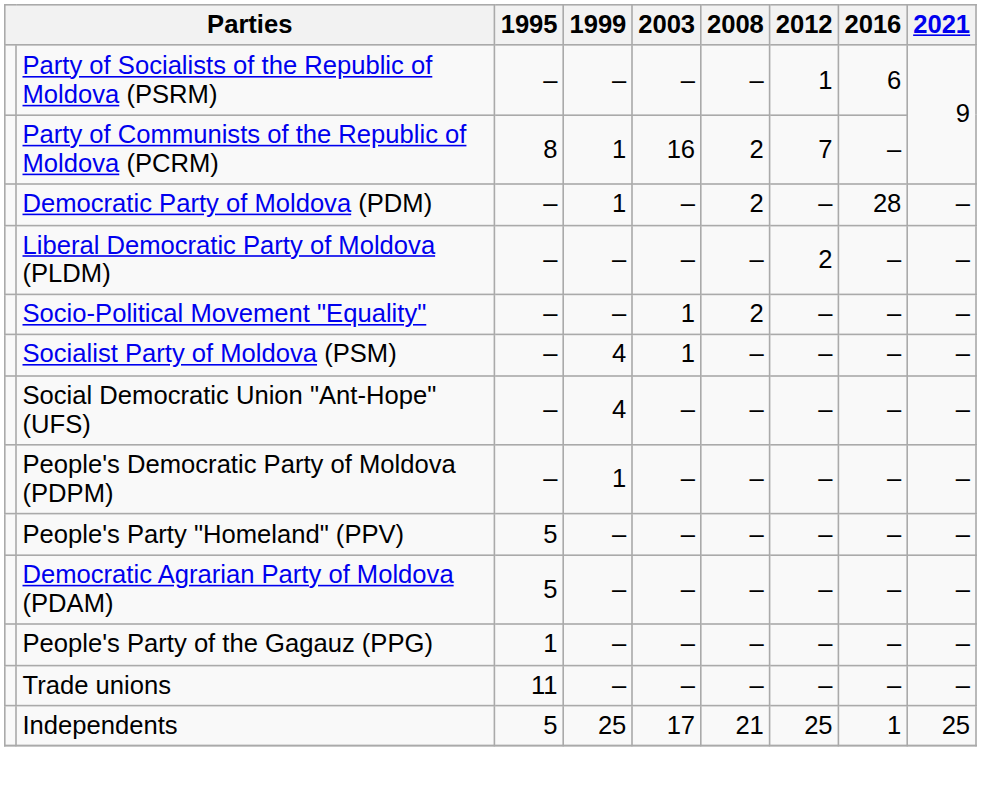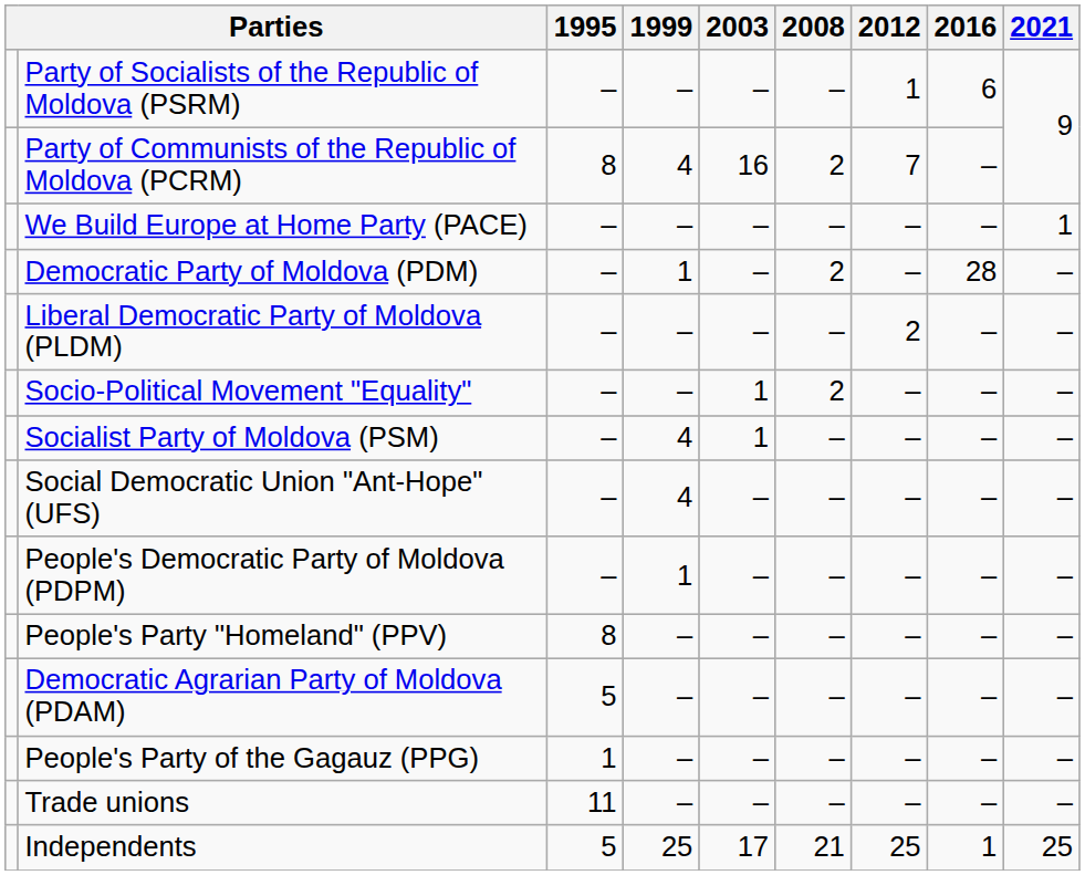 <table class="wikitable">
 <tr>
 <th colspan="2"><strong>Parties</strong></th>
 <th>1995</th>
 <th>1999</th>
 <th>2003</th>
 <th>2008</th>
 <th>2012</th>
 <th>2016</th>
 <th><a href='#'>2021</a></th>
 </tr>
 <tr>
 <td style="background:"></td>
 <td><a href='#'>Party of Socialists of the Republic of Moldova</a> (PSRM)</td>
 <td align="right">–</td>
 <td align="right">–</td>
 <td align="right">–</td>
 <td align="right">–</td>
 <td align="right">1</td>
 <td align="right">6</td>
 <td align="right" rowspan="2">9</td>
 </tr>
 <tr>
 <td style="background:"></td>
 <td><a href='#'>Party of Communists of the Republic of Moldova</a> (PCRM)</td>
 <td align="right">8</td>
-<td align="right">1</td>
+<td align="right">4</td>
 <td align="right">16</td>
 <td align="right">2</td>
 <td align="right">7</td>
 <td align="right">–</td>
+</tr>
+<tr>
+<td></td>
+<td><a href='#'>We Build Europe at Home Party</a> (PACE)</td>
+<td align="right">–</td>
+<td align="right">–</td>
+<td align="right">–</td>
+<td align="right">–</td>
+<td align="right">–</td>
+<td align="right">–</td>
+<td align="right">1</td>
 </tr>
 <tr>
 <td style="background:"></td>
 <td><a href='#'>Democratic Party of Moldova</a> (PDM)</td>
 <td align="right">–</td>
 <td align="right">1</td>
 <td align="right">–</td>
 <td align="right">2</td>
 <td align="right">–</td>
 <td align="right">28</td>
 <td align="right">–</td>
 </tr>
 <tr>
 <td style="background:"></td>
 <td><a href='#'>Liberal Democratic Party of Moldova</a> (PLDM)</td>
 <td align="right">–</td>
 <td align="right">–</td>
 <td align="right">–</td>
 <td align="right">–</td>
 <td align="right">2</td>
 <td align="right">–</td>
 <td align="right">–</td>
 </tr>
 <tr>
 <td style="background:"></td>
 <td><a href='#'>Socio-Political Movement "Equality"</a></td>
 <td align="right">–</td>
 <td align="right">–</td>
 <td align="right">1</td>
 <td align="right">2</td>
 <td align="right">–</td>
 <td align="right">–</td>
 <td align="right">–</td>
 </tr>
 <tr>
 <td style="background:"></td>
 <td><a href='#'>Socialist Party of Moldova</a> (PSM)</td>
 <td align="right">–</td>
 <td align="right">4</td>
 <td align="right">1</td>
 <td align="right">–</td>
 <td align="right">–</td>
 <td align="right">–</td>
 <td align="right">–</td>
 </tr>
 <tr>
 <td></td>
 <td>Social Democratic Union "Ant-Hope" (UFS)</td>
 <td align="right">–</td>
 <td align="right">4</td>
 <td align="right">–</td>
 <td align="right">–</td>
 <td align="right">–</td>
 <td align="right">–</td>
 <td align="right">–</td>
 </tr>
 <tr>
 <td></td>
 <td>People's Democratic Party of Moldova (PDPM)</td>
 <td align="right">–</td>
 <td align="right">1</td>
 <td align="right">–</td>
 <td align="right">–</td>
 <td align="right">–</td>
 <td align="right">–</td>
 <td align="right">–</td>
 </tr>
 <tr>
 <td></td>
 <td>People's Party "Homeland" (PPV)</td>
-<td align="right">5</td>
+<td align="right">8</td>
 <td align="right">–</td>
 <td align="right">–</td>
 <td align="right">–</td>
 <td align="right">–</td>
 <td align="right">–</td>
 <td align="right">–</td>
 </tr>
 <tr>
 <td style="background:"></td>
 <td><a href='#'>Democratic Agrarian Party of Moldova</a> (PDAM)</td>
 <td align="right">5</td>
 <td align="right">–</td>
 <td align="right">–</td>
 <td align="right">–</td>
 <td align="right">–</td>
 <td align="right">–</td>
 <td align="right">–</td>
 </tr>
 <tr>
 <td></td>
 <td>People's Party of the Gagauz (PPG)</td>
 <td align="right">1</td>
 <td align="right">–</td>
 <td align="right">–</td>
 <td align="right">–</td>
 <td align="right">–</td>
 <td align="right">–</td>
 <td align="right">–</td>
 </tr>
 <tr>
 <td></td>
 <td>Trade unions</td>
 <td align="right">11</td>
 <td align="right">–</td>
 <td align="right">–</td>
 <td align="right">–</td>
 <td align="right">–</td>
 <td align="right">–</td>
 <td align="right">–</td>
 </tr>
 <tr>
 <td></td>
 <td>Independents</td>
 <td align="right">5</td>
 <td align="right">25</td>
 <td align="right">17</td>
 <td align="right">21</td>
 <td align="right">25</td>
 <td align="right">1</td>
 <td align="right">25</td>
 </tr>
 <tr>
 </tr>
 </table>
